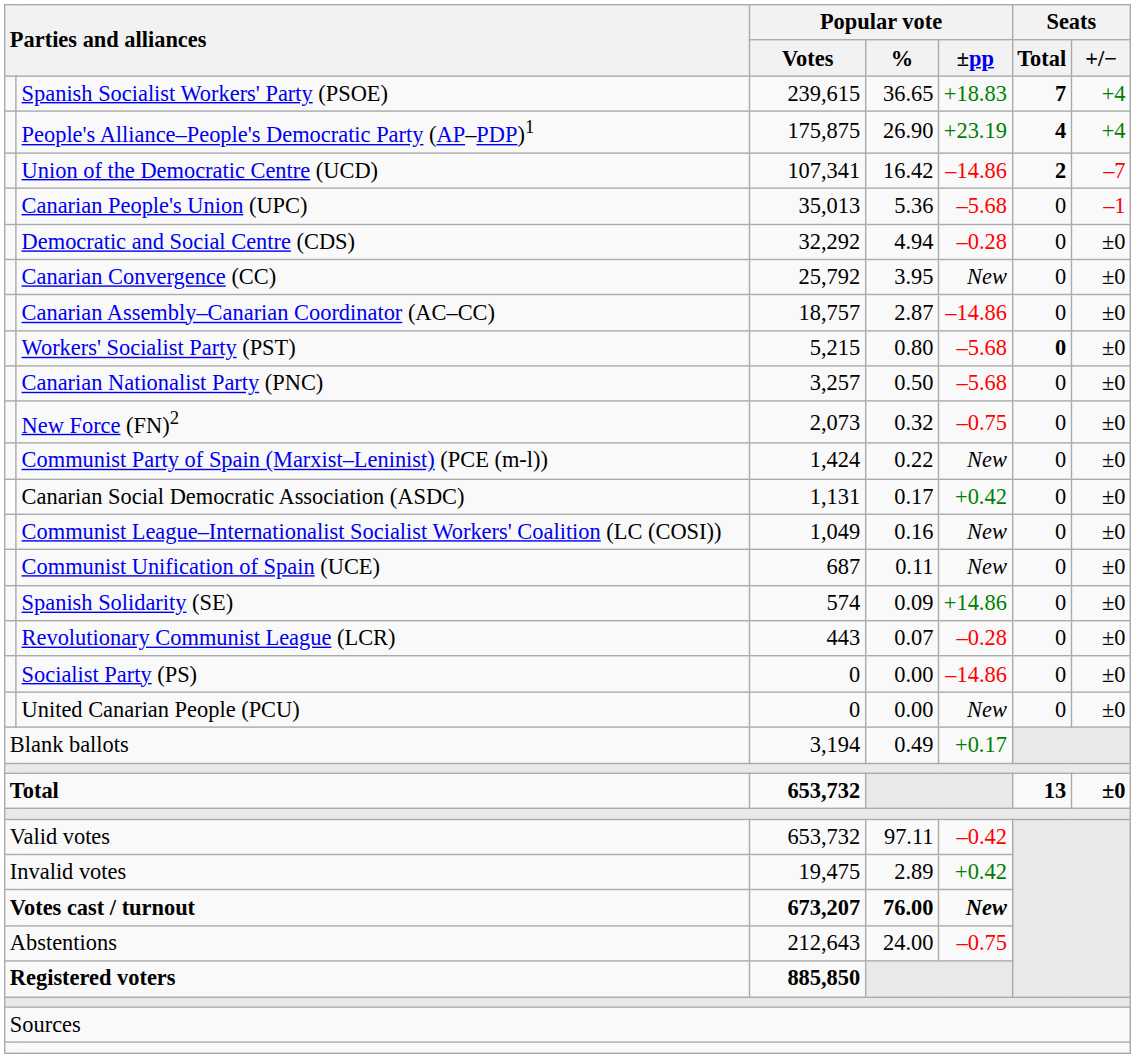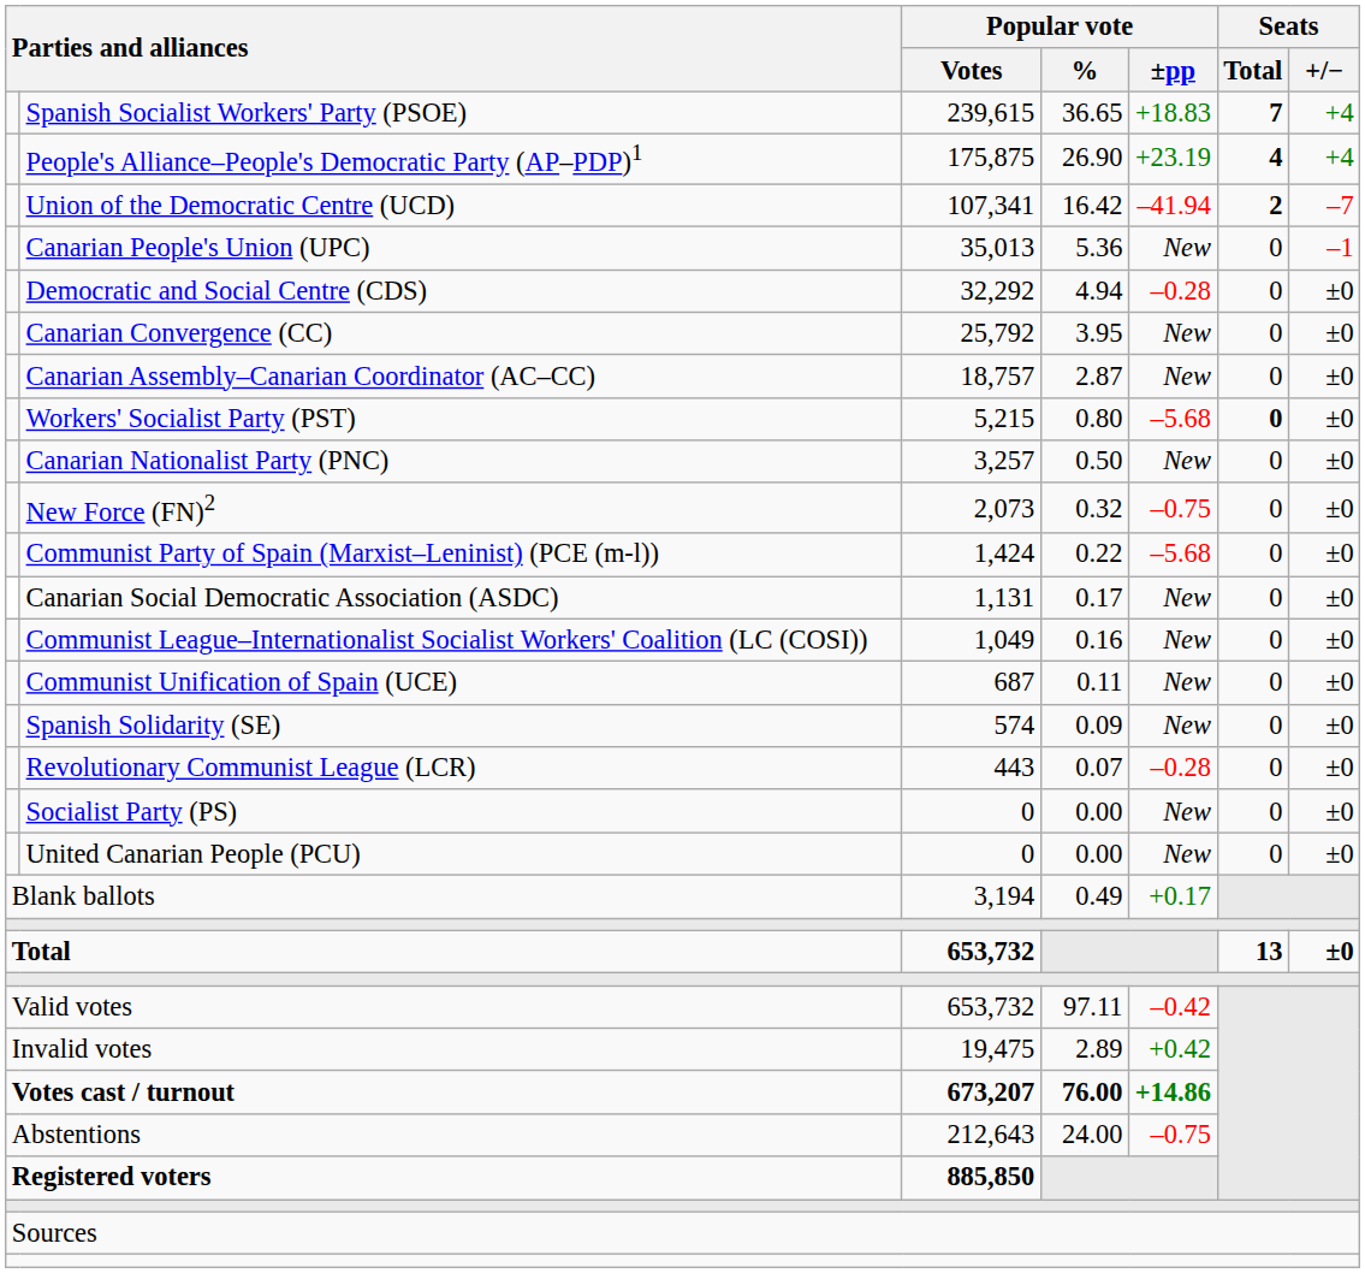 <table class="wikitable" style="text-align:right;">
 <tr>
 <th style="text-align:left;" rowspan="2" colspan="2" width="525">Parties and alliances</th>
 <th colspan="3">Popular vote</th>
 <th colspan="2">Seats</th>
 </tr>
 <tr>
 <th width="75">Votes</th>
 <th width="45">%</th>
 <th width="45">±<a href='#'>pp</a></th>
 <th width="35">Total</th>
 <th width="35">+/−</th>
 </tr>
 <tr>
 <td width="1" style="color:inherit;background:"></td>
 <td align="left"><a href='#'>Spanish Socialist Workers' Party</a> (PSOE)</td>
 <td>239,615</td>
 <td>36.65</td>
 <td style="color:green;">+18.83</td>
 <td><strong>7</strong></td>
 <td style="color:green;">+4</td>
 </tr>
 <tr>
 <td style="color:inherit;background:"></td>
 <td align="left"><a href='#'>People's Alliance–People's Democratic Party</a> (<a href='#'>AP</a>–<a href='#'>PDP</a>)<sup>1</sup></td>
 <td>175,875</td>
 <td>26.90</td>
 <td style="color:green;">+23.19</td>
 <td><strong>4</strong></td>
 <td style="color:green;">+4</td>
 </tr>
 <tr>
 <td style="color:inherit;background:"></td>
 <td align="left"><a href='#'>Union of the Democratic Centre</a> (UCD)</td>
 <td>107,341</td>
 <td>16.42</td>
-<td style="color:red;">–14.86</td>
+<td style="color:red;">–41.94</td>
 <td><strong>2</strong></td>
 <td style="color:red;">–7</td>
 </tr>
 <tr>
 <td style="color:inherit;background:"></td>
 <td align="left"><a href='#'>Canarian People's Union</a> (UPC)</td>
 <td>35,013</td>
 <td>5.36</td>
-<td style="color:red;">–5.68</td>
+<td><em>New</em></td>
 <td>0</td>
 <td style="color:red;">–1</td>
 </tr>
 <tr>
 <td style="color:inherit;background:"></td>
 <td align="left"><a href='#'>Democratic and Social Centre</a> (CDS)</td>
 <td>32,292</td>
 <td>4.94</td>
 <td style="color:red;">–0.28</td>
 <td>0</td>
 <td>±0</td>
 </tr>
 <tr>
 <td style="color:inherit;background:"></td>
 <td align="left"><a href='#'>Canarian Convergence</a> (CC)</td>
 <td>25,792</td>
 <td>3.95</td>
 <td><em>New</em></td>
 <td>0</td>
 <td>±0</td>
 </tr>
 <tr>
 <td style="color:inherit;background:"></td>
 <td align="left"><a href='#'>Canarian Assembly–Canarian Coordinator</a> (AC–CC)</td>
 <td>18,757</td>
 <td>2.87</td>
-<td style="color:red;">–14.86</td>
+<td><em>New</em></td>
 <td>0</td>
 <td>±0</td>
 </tr>
 <tr>
 <td style="color:inherit;background:"></td>
 <td align="left"><a href='#'>Workers' Socialist Party</a> (PST)</td>
 <td>5,215</td>
 <td>0.80</td>
 <td style="color:red;">–5.68</td>
 <td><strong>0</strong></td>
 <td>±0</td>
 </tr>
 <tr>
 <td style="color:inherit;background:"></td>
 <td align="left"><a href='#'>Canarian Nationalist Party</a> (PNC)</td>
 <td>3,257</td>
 <td>0.50</td>
-<td style="color:red;">–5.68</td>
+<td><em>New</em></td>
 <td>0</td>
 <td>±0</td>
 </tr>
 <tr>
 <td style="color:inherit;background:"></td>
 <td align="left"><a href='#'>New Force</a> (FN)<sup>2</sup></td>
 <td>2,073</td>
 <td>0.32</td>
 <td style="color:red;">–0.75</td>
 <td>0</td>
 <td>±0</td>
 </tr>
 <tr>
 <td style="color:inherit;background:"></td>
 <td align="left"><a href='#'>Communist Party of Spain (Marxist–Leninist)</a> (PCE (m-l))</td>
 <td>1,424</td>
 <td>0.22</td>
-<td><em>New</em></td>
+<td style="color:red;">–5.68</td>
 <td>0</td>
 <td>±0</td>
 </tr>
 <tr>
 <td bgcolor="white"></td>
 <td align="left">Canarian Social Democratic Association (ASDC)</td>
 <td>1,131</td>
 <td>0.17</td>
-<td style="color:green;">+0.42</td>
+<td><em>New</em></td>
 <td>0</td>
 <td>±0</td>
 </tr>
 <tr>
 <td style="color:inherit;background:"></td>
 <td align="left"><a href='#'>Communist League–Internationalist Socialist Workers' Coalition</a> (LC (COSI))</td>
 <td>1,049</td>
 <td>0.16</td>
 <td><em>New</em></td>
 <td>0</td>
 <td>±0</td>
 </tr>
 <tr>
 <td style="color:inherit;background:"></td>
 <td align="left"><a href='#'>Communist Unification of Spain</a> (UCE)</td>
 <td>687</td>
 <td>0.11</td>
 <td><em>New</em></td>
 <td>0</td>
 <td>±0</td>
 </tr>
 <tr>
 <td style="color:inherit;background:"></td>
 <td align="left"><a href='#'>Spanish Solidarity</a> (SE)</td>
 <td>574</td>
 <td>0.09</td>
-<td style="color:green;">+14.86</td>
+<td><em>New</em></td>
 <td>0</td>
 <td>±0</td>
 </tr>
 <tr>
 <td style="color:inherit;background:"></td>
 <td align="left"><a href='#'>Revolutionary Communist League</a> (LCR)</td>
 <td>443</td>
 <td>0.07</td>
 <td style="color:red;">–0.28</td>
 <td>0</td>
 <td>±0</td>
 </tr>
 <tr>
 <td style="color:inherit;background:"></td>
 <td align="left"><a href='#'>Socialist Party</a> (PS)</td>
 <td>0</td>
 <td>0.00</td>
-<td style="color:red;">–14.86</td>
+<td><em>New</em></td>
 <td>0</td>
 <td>±0</td>
 </tr>
 <tr>
 <td style="color:inherit;background:"></td>
 <td align="left">United Canarian People (PCU)</td>
 <td>0</td>
 <td>0.00</td>
 <td><em>New</em></td>
 <td>0</td>
 <td>±0</td>
 </tr>
 <tr>
 <td align="left" colspan="2">Blank ballots</td>
 <td>3,194</td>
 <td>0.49</td>
 <td style="color:green;">+0.17</td>
 <td bgcolor="#E9E9E9" colspan="2"></td>
 </tr>
 <tr>
 <td colspan="7" bgcolor="#E9E9E9"></td>
 </tr>
 <tr style="font-weight:bold;">
 <td align="left" colspan="2">Total</td>
 <td>653,732</td>
 <td bgcolor="#E9E9E9" colspan="2"></td>
 <td>13</td>
 <td>±0</td>
 </tr>
 <tr>
 <td colspan="7" bgcolor="#E9E9E9"></td>
 </tr>
 <tr>
 <td align="left" colspan="2">Valid votes</td>
 <td>653,732</td>
 <td>97.11</td>
 <td style="color:red;">–0.42</td>
 <td bgcolor="#E9E9E9" colspan="2" rowspan="5"></td>
 </tr>
 <tr>
 <td align="left" colspan="2">Invalid votes</td>
 <td>19,475</td>
 <td>2.89</td>
 <td style="color:green;">+0.42</td>
 </tr>
 <tr style="font-weight:bold;">
 <td align="left" colspan="2">Votes cast / turnout</td>
 <td>673,207</td>
 <td>76.00</td>
-<td><em>New</em></td>
+<td style="color:green;">+14.86</td>
 </tr>
 <tr>
 <td align="left" colspan="2">Abstentions</td>
 <td>212,643</td>
 <td>24.00</td>
 <td style="color:red;">–0.75</td>
 </tr>
 <tr style="font-weight:bold;">
 <td align="left" colspan="2">Registered voters</td>
 <td>885,850</td>
 <td bgcolor="#E9E9E9" colspan="2"></td>
 </tr>
 <tr>
 <td colspan="7" bgcolor="#E9E9E9"></td>
 </tr>
 <tr>
 <td align="left" colspan="7">Sources</td>
 </tr>
 <tr>
 <td colspan="7" style="text-align:left; max-width:790px;"></td>
 </tr>
 </table>
